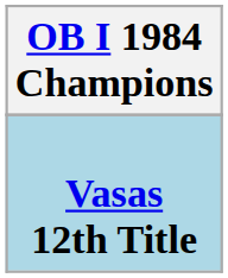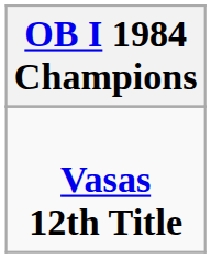 <table class="wikitable" style="text-align: center; margin: 0 auto;">
 <tr>
 <th><a href='#'>OB I</a> 1984<br>Champions</th>
 </tr>
 <tr>
 </tr>
 <tr>
-<td style="background: lightblue;"> <br><strong><a href='#'>Vasas</a></strong><br><strong>12th Title</strong></td>
+<td> <br><strong><a href='#'>Vasas</a></strong><br><strong>12th Title</strong></td>
 </tr>
 </table>
